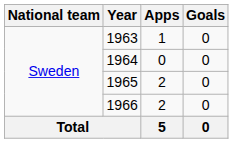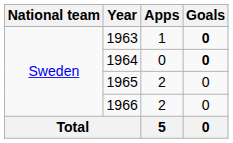 <table class="wikitable" style="text-align:center">
 <tr>
 <th>National team</th>
 <th>Year</th>
 <th>Apps</th>
 <th>Goals</th>
 </tr>
 <tr>
 <td rowspan="4"><a href='#'>Sweden</a></td>
 <td>1963</td>
 <td>1</td>
-<td>0</td>
+<td><strong>0</strong></td>
 </tr>
 <tr>
 <td>1964</td>
 <td>0</td>
-<td>0</td>
+<td><strong>0</strong></td>
 </tr>
 <tr>
 <td>1965</td>
 <td>2</td>
 <td>0</td>
 </tr>
 <tr>
 <td>1966</td>
 <td>2</td>
 <td>0</td>
 </tr>
 <tr>
 <th colspan="2">Total</th>
 <th>5</th>
 <th>0</th>
 </tr>
 </table>
